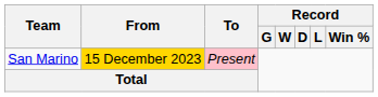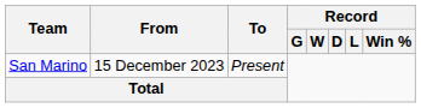 <table class="wikitable" style="text-align: center">
 <tr>
 <th rowspan="2">Team</th>
 <th rowspan="2">From</th>
 <th rowspan="2">To</th>
 <th colspan="5">Record</th>
 </tr>
 <tr>
 <th>G</th>
 <th>W</th>
 <th>D</th>
 <th>L</th>
 <th>Win %</th>
 </tr>
 <tr>
 <td align=left><a href='#'>San Marino</a></td>
-<td align=left style="background: gold;">15 December 2023</td>
-<td align=left style="background: pink;"><em>Present</em><br></td>
+<td align=left>15 December 2023</td>
+<td align=left><em>Present</em><br></td>
 </tr>
 <tr>
 <th colspan="3">Total<br></th>
 </tr>
 </table>
